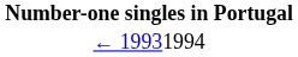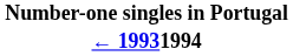 <table class="toc" id="toc" summary="Contents">
 <tr>
 <th>Number-one singles in Portugal</th>
 </tr>
 <tr>
-<td align="center"><a href='#'>← 1993</a>1994</td>
+<td align="center"><strong><a href='#'>← 1993</a>1994</strong></td>
 </tr>
 </table>
